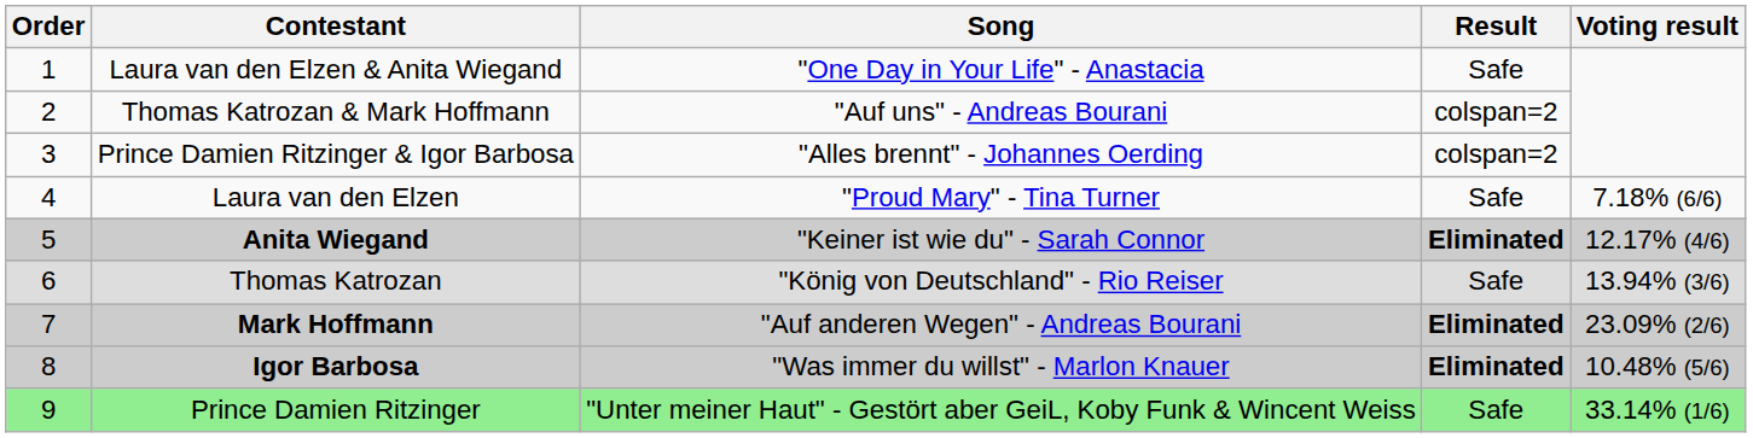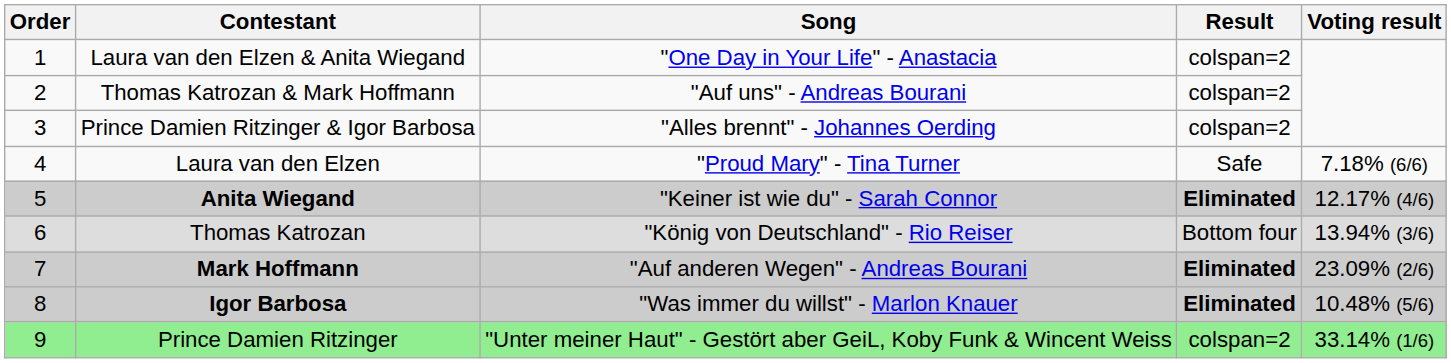 <table class="wikitable" style="text-align:center;">
 <tr>
 <th>Order</th>
 <th>Contestant</th>
 <th>Song</th>
 <th>Result</th>
 <th>Voting result</th>
 </tr>
 <tr>
 <td>1</td>
 <td>Laura van den Elzen & Anita Wiegand</td>
 <td>"<a href='#'>One Day in Your Life</a>" - <a href='#'>Anastacia</a></td>
-<td>Safe</td>
+<td>colspan=2 </td>
 </tr>
 <tr>
 <td>2</td>
 <td>Thomas Katrozan & Mark Hoffmann</td>
 <td>"Auf uns" - <a href='#'>Andreas Bourani</a></td>
 <td>colspan=2 </td>
 </tr>
 <tr>
 <td>3</td>
 <td>Prince Damien Ritzinger & Igor Barbosa</td>
 <td>"Alles brennt" - <a href='#'>Johannes Oerding</a></td>
 <td>colspan=2 </td>
 </tr>
 <tr>
 <td>4</td>
 <td>Laura van den Elzen</td>
 <td>"<a href='#'>Proud Mary</a>" - <a href='#'>Tina Turner</a></td>
 <td>Safe</td>
 <td>7.18% <small>(6/6)</small></td>
 </tr>
 <tr bgcolor="#cccccc">
 <td>5</td>
 <td><strong>Anita Wiegand</strong></td>
 <td>"Keiner ist wie du" - <a href='#'>Sarah Connor</a></td>
 <td><strong>Eliminated</strong></td>
 <td>12.17% <small>(4/6)</small></td>
 </tr>
 <tr bgcolor="#dddddd">
 <td>6</td>
 <td>Thomas Katrozan</td>
 <td>"König von Deutschland" - <a href='#'>Rio Reiser</a></td>
-<td>Safe</td>
+<td>Bottom four</td>
 <td>13.94% <small>(3/6)</small></td>
 </tr>
 <tr bgcolor="#cccccc">
 <td>7</td>
 <td><strong>Mark Hoffmann</strong></td>
 <td>"Auf anderen Wegen" - <a href='#'>Andreas Bourani</a></td>
 <td><strong>Eliminated</strong></td>
 <td>23.09% <small>(2/6)</small></td>
 </tr>
 <tr bgcolor="#cccccc">
 <td>8</td>
 <td><strong>Igor Barbosa</strong></td>
 <td>"Was immer du willst" - <a href='#'>Marlon Knauer</a></td>
 <td><strong>Eliminated</strong></td>
 <td>10.48% <small>(5/6)</small></td>
 </tr>
 <tr bgcolor="lightgreen">
 <td>9</td>
 <td>Prince Damien Ritzinger</td>
 <td>"Unter meiner Haut" - Gestört aber GeiL, Koby Funk & Wincent Weiss</td>
-<td>Safe</td>
+<td>colspan=2 </td>
 <td>33.14% <small>(1/6)</small></td>
 </tr>
 </table>
